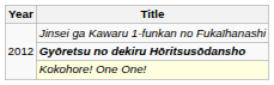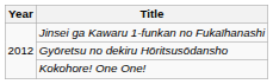 <table class="wikitable">
 <tr>
 <th>Year</th>
 <th>Title</th>
 </tr>
 <tr>
 <td rowspan="3">2012</td>
 <td><em>Jinsei ga Kawaru 1-funkan no Fukaīhanashi</em></td>
 </tr>
 <tr>
-<td><strong><em>Gyōretsu no dekiru Hōritsusōdansho</em></strong></td>
+<td><em>Gyōretsu no dekiru Hōritsusōdansho</em></td>
 </tr>
 <tr>
-<td style="background: lightyellow;"><em>Kokohore! One One!</em></td>
+<td><em>Kokohore! One One!</em></td>
 </tr>
 </table>
